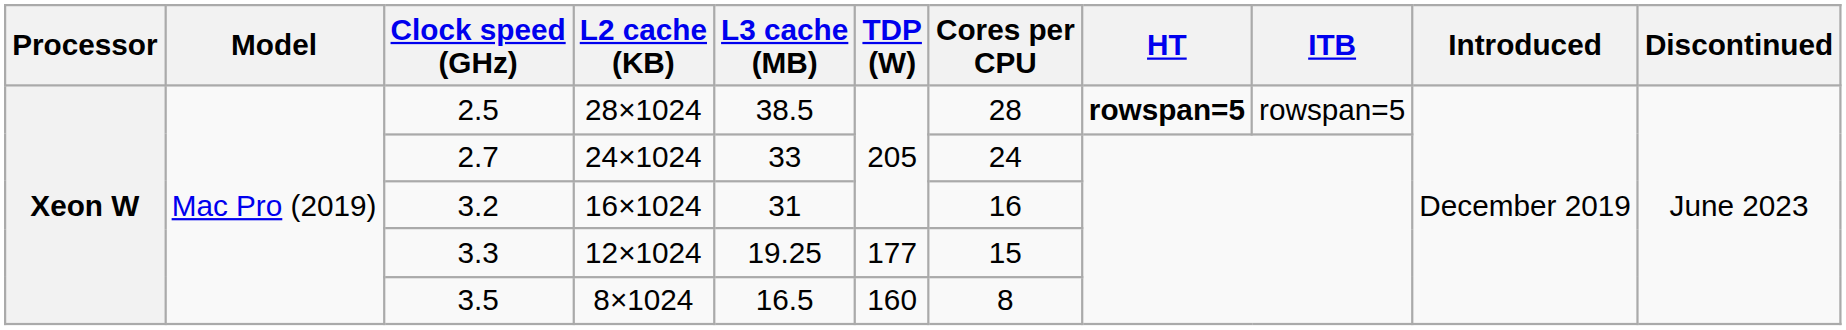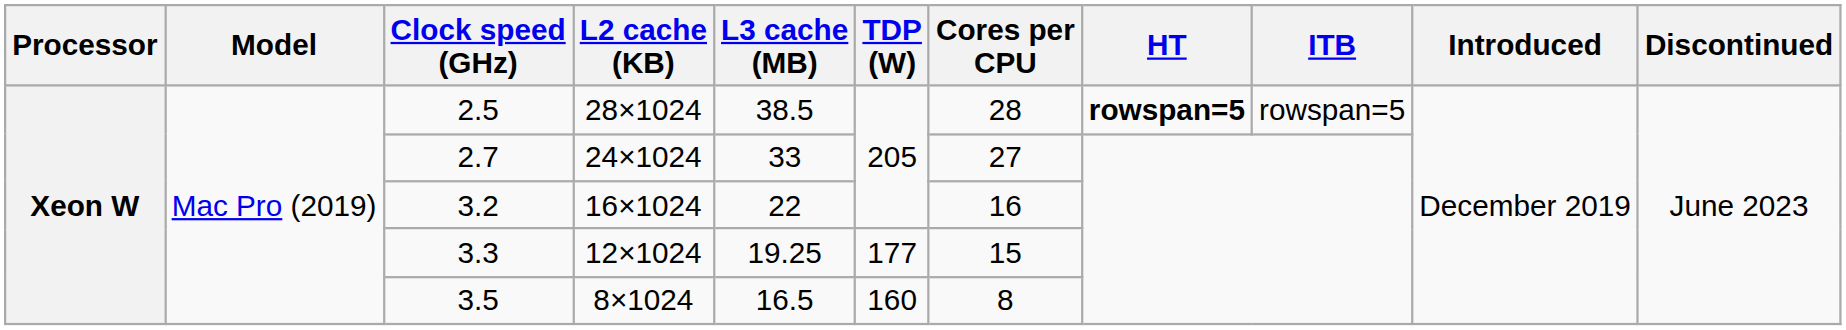 <table class="wikitable sortable" style="font-size:smaller; text-align:center">
 <tr>
 <th>Processor</th>
 <th>Model</th>
 <th><a href='#'>Clock speed</a><br>(GHz)</th>
 <th><a href='#'>L2 cache</a><br>(KB)</th>
 <th><a href='#'>L3 cache</a><br>(MB)</th>
 <th><a href='#'>TDP</a><br>(W)</th>
 <th>Cores per<br>CPU</th>
 <th><a href='#'>HT</a></th>
 <th><a href='#'>ITB</a></th>
 <th>Introduced</th>
 <th>Discontinued</th>
 </tr>
 <tr>
 <th rowspan=5>Xeon W</th>
 <td rowspan=5><a href='#'>Mac Pro</a> (2019)</td>
 <td>2.5</td>
 <td>28×1024</td>
 <td>38.5</td>
 <td rowspan=3>205</td>
 <td>28</td>
 <td><strong>rowspan=5 </strong></td>
 <td>rowspan=5 </td>
 <td rowspan=5>December 2019</td>
 <td rowspan=5>June 2023</td>
 </tr>
 <tr>
 <td>2.7</td>
 <td>24×1024</td>
 <td>33</td>
-<td>24</td>
+<td>27</td>
 </tr>
 <tr>
 <td>3.2</td>
 <td>16×1024</td>
-<td>31</td>
+<td>22</td>
 <td>16</td>
 </tr>
 <tr>
 <td>3.3</td>
 <td>12×1024</td>
 <td>19.25</td>
 <td>177</td>
 <td>15</td>
 </tr>
 <tr>
 <td>3.5</td>
 <td>8×1024</td>
 <td>16.5</td>
 <td>160</td>
 <td>8</td>
 </tr>
 </table>
